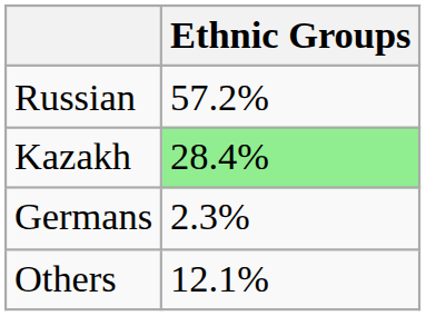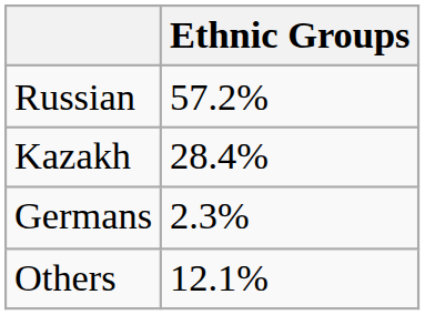 <table class="wikitable sortable">
 <tr>
 <th></th>
 <th>Ethnic Groups</th>
 </tr>
 <tr>
 <td>Russian</td>
 <td>57.2%</td>
 </tr>
 <tr>
 <td>Kazakh</td>
-<td style="background: lightgreen;">28.4%</td>
+<td>28.4%</td>
 </tr>
 <tr>
 <td>Germans</td>
 <td>2.3%</td>
 </tr>
 <tr>
 <td>Others</td>
 <td>12.1%</td>
 </tr>
 </table>
